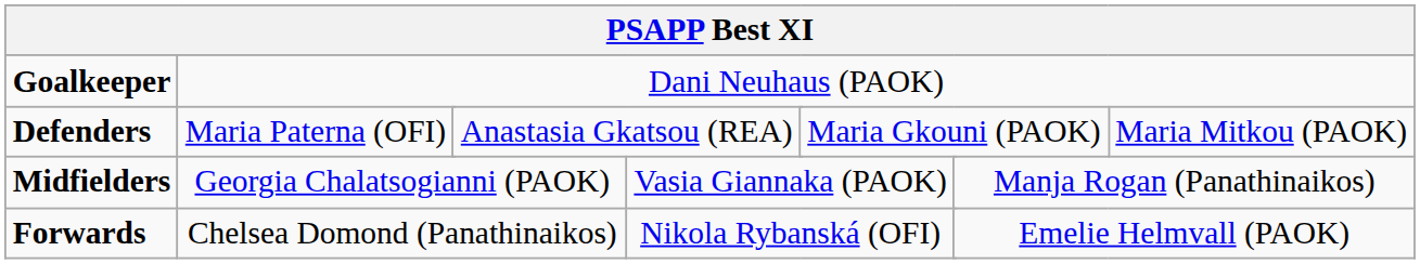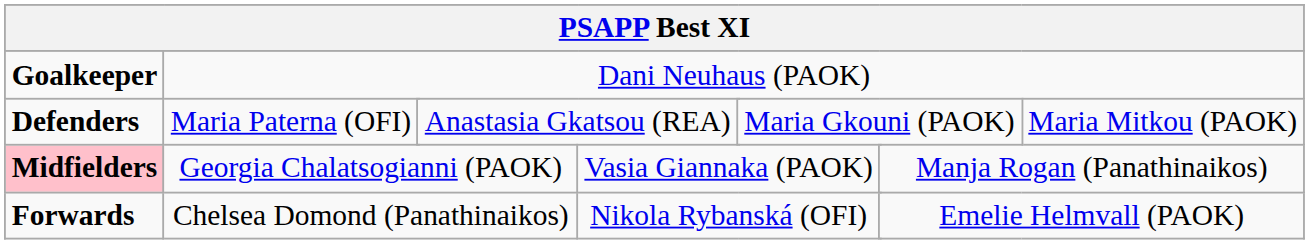 <table class="wikitable">
 <tr>
 <th colspan="13"><a href='#'>PSAPP</a> Best XI</th>
 </tr>
 <tr>
 <td><strong>Goalkeeper</strong></td>
 <td colspan="12" align="center"> <a href='#'>Dani Neuhaus</a> (PAOK)</td>
 </tr>
 <tr>
 <td><strong>Defenders</strong></td>
 <td colspan="3" align="center"> <a href='#'>Maria Paterna</a> (OFI)</td>
 <td colspan="3" align="center"> <a href='#'>Anastasia Gkatsou</a> (REA)</td>
 <td colspan="3" align="center"> <a href='#'>Maria Gkouni</a> (PAOK)</td>
 <td colspan="3" align="center"> <a href='#'>Maria Mitkou</a> (PAOK)</td>
 </tr>
 <tr>
-<td><strong>Midfielders</strong></td>
+<td style="background: pink;"><strong>Midfielders</strong></td>
 <td colspan="4" align="center"> <a href='#'>Georgia Chalatsogianni</a> (PAOK)</td>
 <td colspan="4" align="center"> <a href='#'>Vasia Giannaka</a> (PAOK)</td>
 <td colspan="4" align="center"> <a href='#'>Manja Rogan</a> (Panathinaikos)</td>
 </tr>
 <tr>
 <td><strong>Forwards</strong></td>
 <td colspan="4" align="center"> Chelsea Domond (Panathinaikos)</td>
 <td colspan="4" align="center"> <a href='#'>Nikola Rybanská</a> (OFI)</td>
 <td colspan="4" align="center"> <a href='#'>Emelie Helmvall</a> (PAOK)</td>
 </tr>
 </table>
